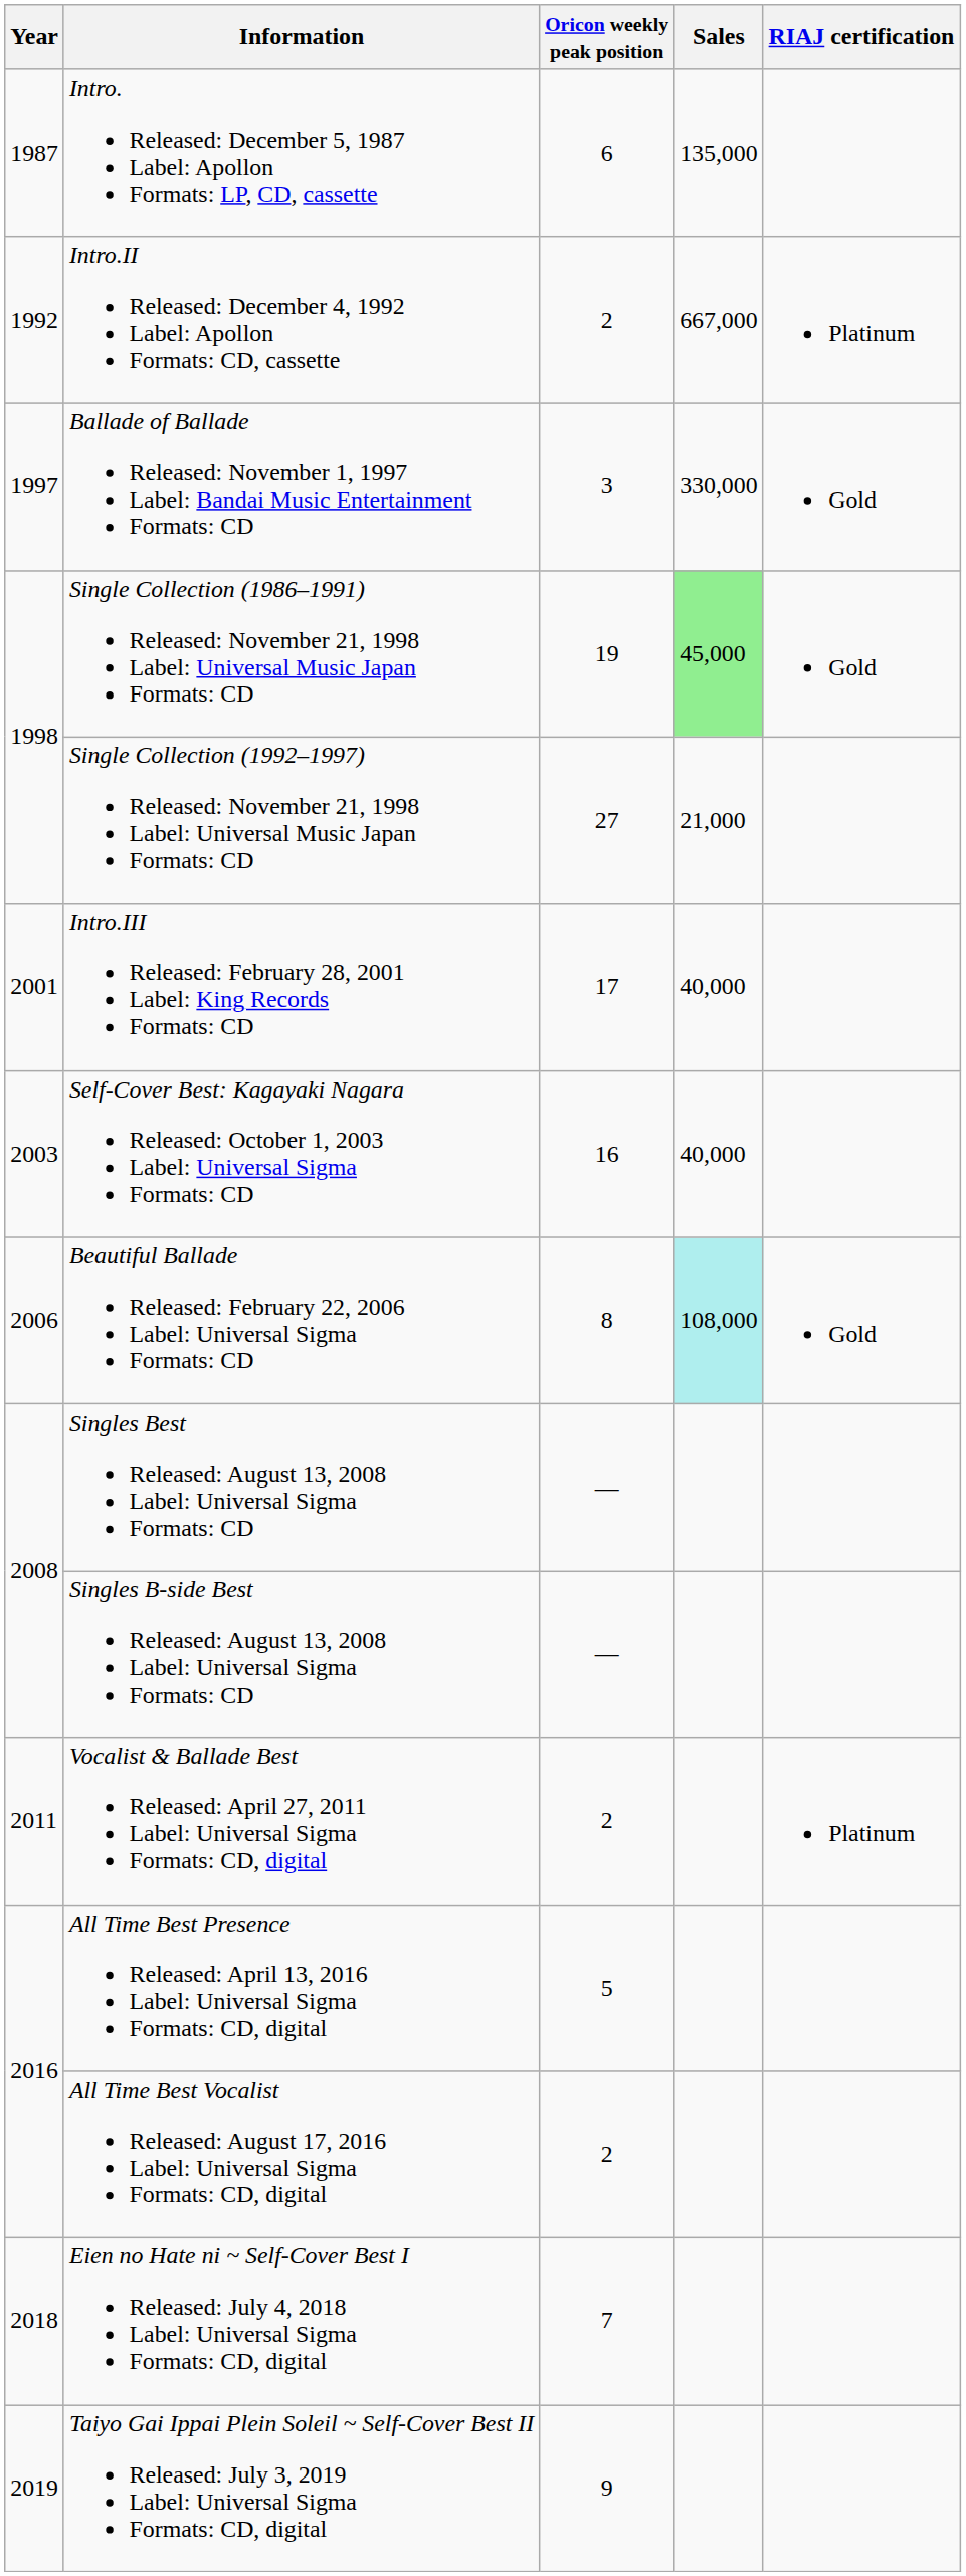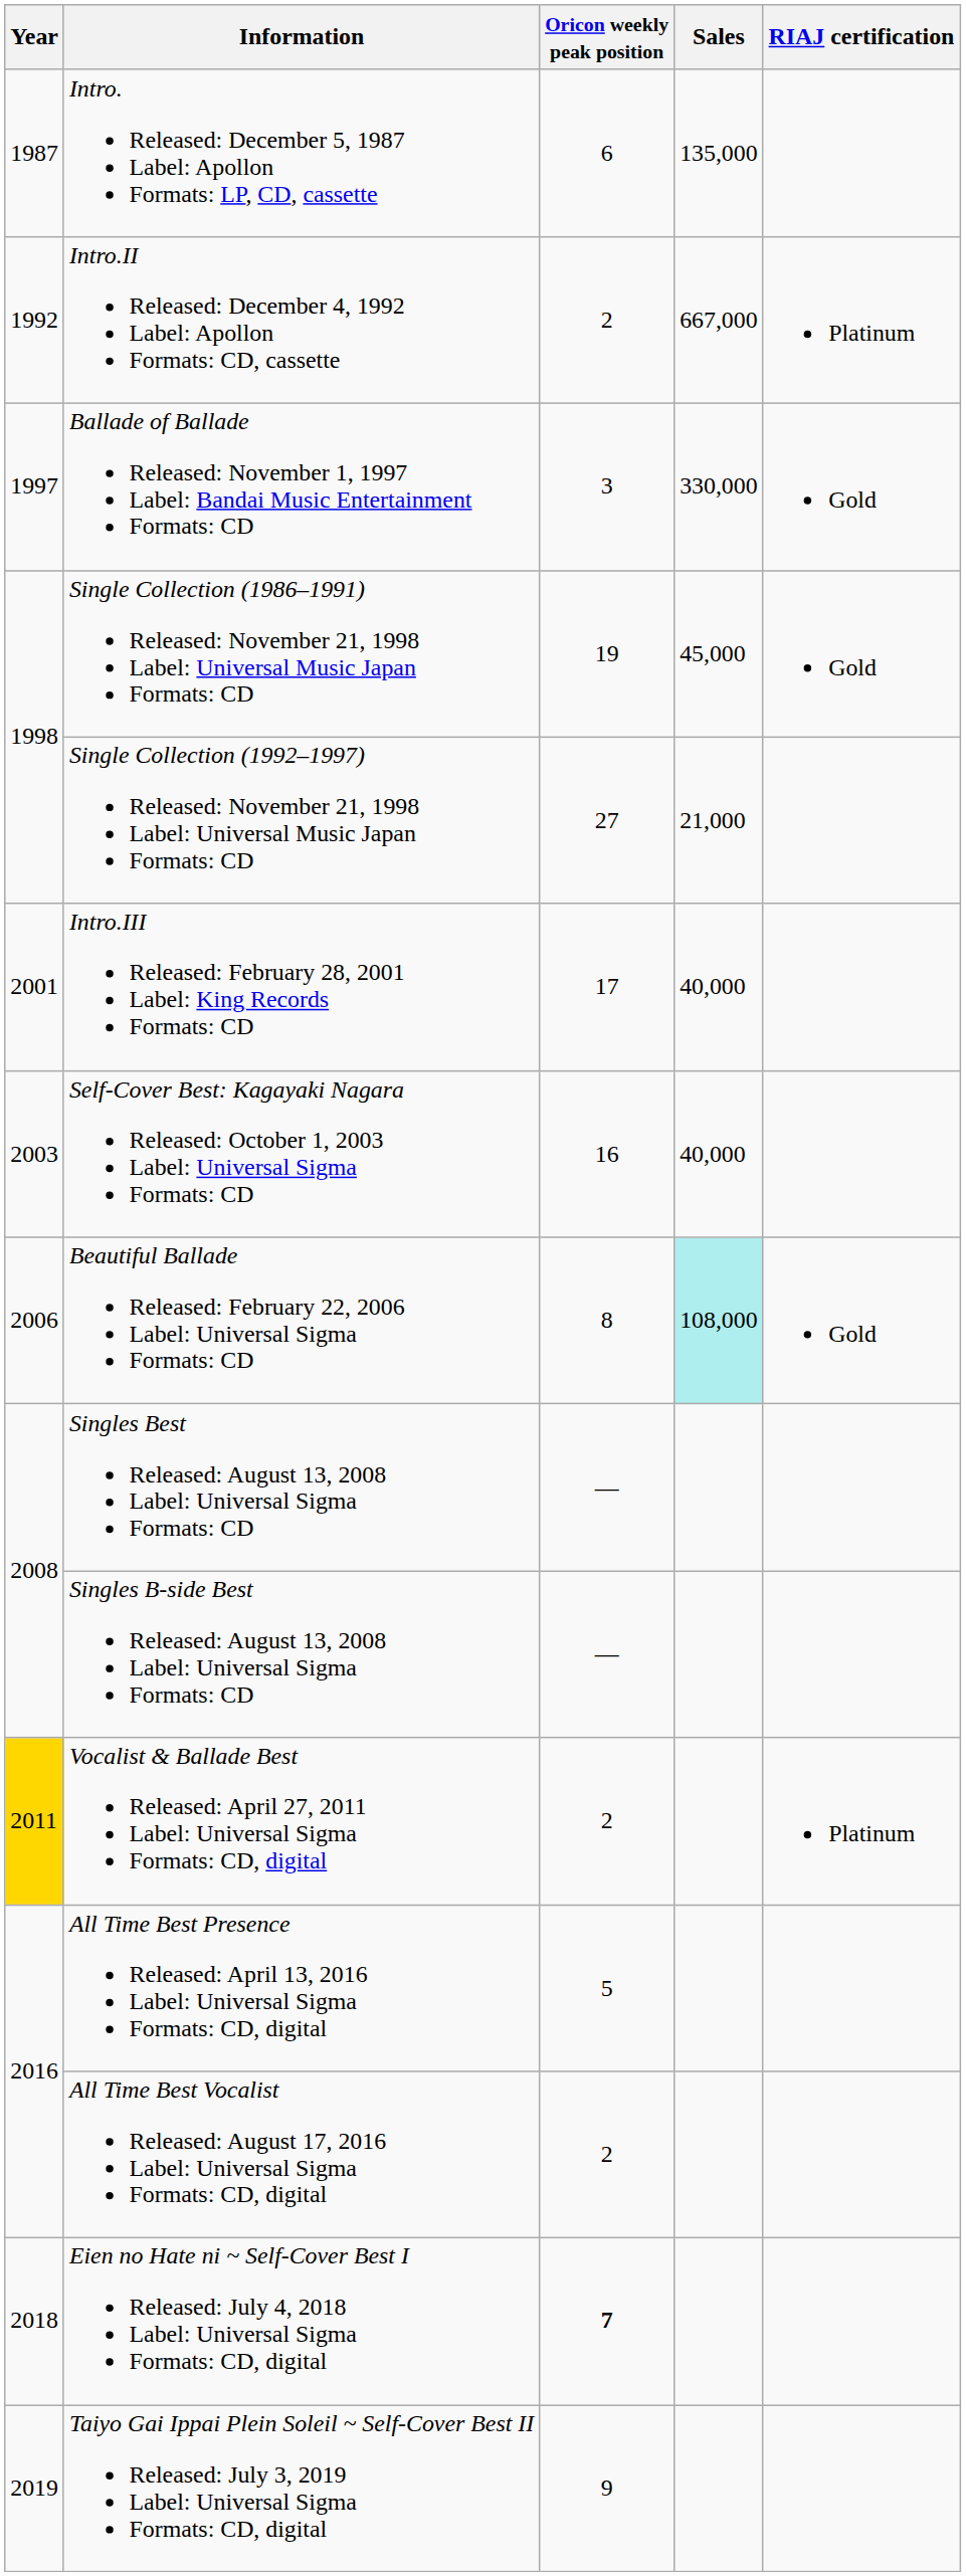 <table class="wikitable">
 <tr>
 <th>Year</th>
 <th>Information</th>
 <th><small><a href='#'>Oricon</a> weekly<br>peak position</small></th>
 <th>Sales<br></th>
 <th><a href='#'>RIAJ</a> certification</th>
 </tr>
 <tr>
 <td>1987</td>
 <td><em>Intro.</em><br><ul><li>Released: December 5, 1987</li><li>Label: Apollon</li><li>Formats: <a href='#'>LP</a>, <a href='#'>CD</a>, <a href='#'>cassette</a></li></ul></td>
 <td style="text-align:center;">6</td>
 <td align="left">135,000</td>
 <td align="left"></td>
 </tr>
 <tr>
 <td>1992</td>
 <td><em>Intro.II</em><br><ul><li>Released: December 4, 1992</li><li>Label: Apollon</li><li>Formats: CD, cassette</li></ul></td>
 <td style="text-align:center;">2</td>
 <td align="left">667,000</td>
 <td align="left"><br><ul><li>Platinum</li></ul></td>
 </tr>
 <tr>
 <td>1997</td>
 <td><em>Ballade of Ballade</em><br><ul><li>Released: November 1, 1997</li><li>Label: <a href='#'>Bandai Music Entertainment</a></li><li>Formats: CD</li></ul></td>
 <td style="text-align:center;">3</td>
 <td align="left">330,000</td>
 <td align="left"><br><ul><li>Gold</li></ul></td>
 </tr>
 <tr>
 <td rowspan="2">1998</td>
 <td><em>Single Collection (1986–1991)</em><br><ul><li>Released: November 21, 1998</li><li>Label: <a href='#'>Universal Music Japan</a></li><li>Formats: CD</li></ul></td>
 <td style="text-align:center;">19</td>
-<td align="left" style="background: lightgreen;">45,000</td>
+<td align="left">45,000</td>
 <td align="left"><br><ul><li>Gold</li></ul></td>
 </tr>
 <tr>
 <td><em>Single Collection (1992–1997)</em><br><ul><li>Released: November 21, 1998</li><li>Label: Universal Music Japan</li><li>Formats: CD</li></ul></td>
 <td style="text-align:center;">27</td>
 <td align="left">21,000</td>
 <td align="left"></td>
 </tr>
 <tr>
 <td>2001</td>
 <td><em>Intro.III</em><br><ul><li>Released: February 28, 2001</li><li>Label: <a href='#'>King Records</a></li><li>Formats: CD</li></ul></td>
 <td style="text-align:center;">17</td>
 <td align="left">40,000</td>
 <td align="left"></td>
 </tr>
 <tr>
 <td>2003</td>
 <td><em>Self-Cover Best: Kagayaki Nagara</em><br><ul><li>Released: October 1, 2003</li><li>Label: <a href='#'>Universal Sigma</a></li><li>Formats: CD</li></ul></td>
 <td style="text-align:center;">16</td>
 <td align="left">40,000</td>
 <td align="left"></td>
 </tr>
 <tr>
 <td>2006</td>
 <td><em>Beautiful Ballade</em><br><ul><li>Released: February 22, 2006</li><li>Label: Universal Sigma</li><li>Formats: CD</li></ul></td>
 <td style="text-align:center;">8</td>
 <td align="left" style="background: paleturquoise;">108,000</td>
 <td align="left"><br><ul><li>Gold</li></ul></td>
 </tr>
 <tr>
 <td rowspan="2">2008</td>
 <td><em>Singles Best</em><br><ul><li>Released: August 13, 2008</li><li>Label: Universal Sigma</li><li>Formats: CD</li></ul></td>
 <td style="text-align:center;">—</td>
 <td align="left"></td>
 <td align="left"></td>
 </tr>
 <tr>
 <td><em>Singles B-side Best</em><br><ul><li>Released: August 13, 2008</li><li>Label: Universal Sigma</li><li>Formats: CD</li></ul></td>
 <td style="text-align:center;">—</td>
 <td align="left"></td>
 <td align="left"></td>
 </tr>
 <tr>
-<td>2011</td>
+<td style="background: gold;">2011</td>
 <td><em>Vocalist & Ballade Best</em><br><ul><li>Released: April 27, 2011</li><li>Label: Universal Sigma</li><li>Formats: CD, <a href='#'>digital</a></li></ul></td>
 <td style="text-align:center;">2</td>
 <td align="left"></td>
 <td align="left"><br><ul><li>Platinum</li></ul></td>
 </tr>
 <tr>
 <td rowspan="2">2016</td>
 <td><em>All Time Best Presence</em><br><ul><li>Released: April 13, 2016</li><li>Label: Universal Sigma</li><li>Formats: CD, digital</li></ul></td>
 <td style="text-align:center;">5</td>
 <td align="left"></td>
 <td align="left"></td>
 </tr>
 <tr>
 <td><em>All Time Best Vocalist</em><br><ul><li>Released: August 17, 2016</li><li>Label: Universal Sigma</li><li>Formats: CD, digital</li></ul></td>
 <td style="text-align:center;">2</td>
 <td align="left"></td>
 <td align="left"></td>
 </tr>
 <tr>
 <td>2018</td>
 <td><em>Eien no Hate ni ~ Self-Cover Best I</em><br><ul><li>Released: July 4, 2018</li><li>Label: Universal Sigma</li><li>Formats: CD, digital</li></ul></td>
-<td style="text-align:center;">7</td>
+<td style="text-align:center;"><strong>7</strong></td>
 <td align="left"></td>
 <td align="left"></td>
 </tr>
 <tr>
 <td>2019</td>
 <td><em>Taiyo Gai Ippai Plein Soleil ~ Self-Cover Best II</em><br><ul><li>Released: July 3, 2019</li><li>Label: Universal Sigma</li><li>Formats: CD, digital</li></ul></td>
 <td style="text-align:center;">9</td>
 <td align="left"></td>
 <td align="left"></td>
 </tr>
 </table>
